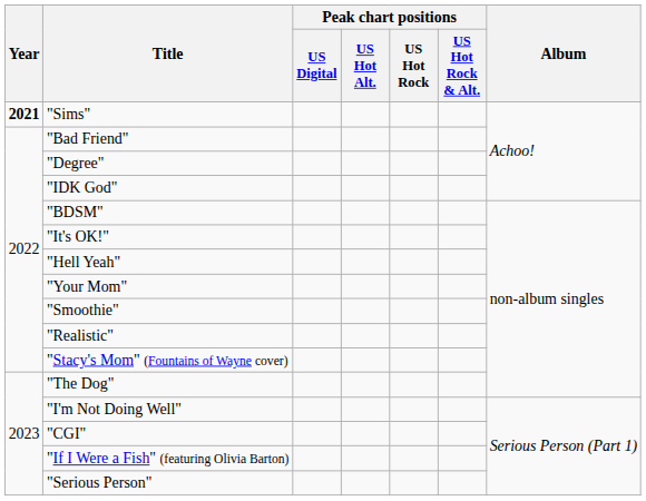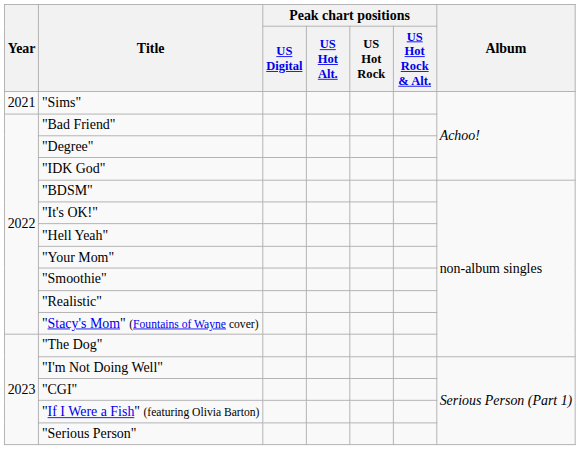 <table class="wikitable">
 <tr>
 <th rowspan="2">Year</th>
 <th rowspan="2">Title</th>
 <th colspan="4">Peak chart positions</th>
 <th rowspan="2">Album</th>
 </tr>
 <tr>
 <th scope="col" style="width:3em;font-size:90%"><a href='#'>US<br>Digital</a></th>
 <th scope="col" style="width:3em;font-size:90%"><a href='#'>US<br>Hot Alt.</a></th>
 <th scope="col" style="width:3em;font-size:90%">US Hot Rock</th>
 <th scope="col" style="width:3em;font-size:90%"><a href='#'>US Hot Rock<br>& Alt.</a></th>
 </tr>
 <tr>
-<td><strong>2021</strong></td>
+<td>2021</td>
 <td>"Sims"</td>
 <td></td>
 <td></td>
 <td></td>
 <td></td>
 <td rowspan="4"><em>Achoo!</em></td>
 </tr>
 <tr>
 <td rowspan="10">2022</td>
 <td>"Bad Friend"</td>
 <td></td>
 <td></td>
 <td></td>
 <td></td>
 </tr>
 <tr>
 <td>"Degree"</td>
 <td></td>
 <td></td>
 <td></td>
 <td></td>
 </tr>
 <tr>
 <td>"IDK God"</td>
 <td></td>
 <td></td>
 <td></td>
 <td></td>
 </tr>
 <tr>
 <td>"BDSM"</td>
 <td></td>
 <td></td>
 <td></td>
 <td></td>
 <td rowspan="8">non-album singles</td>
 </tr>
 <tr>
 <td>"It's OK!"</td>
 <td></td>
 <td></td>
 <td></td>
 <td></td>
 </tr>
 <tr>
 <td>"Hell Yeah"</td>
 <td></td>
 <td></td>
 <td></td>
 <td></td>
 </tr>
 <tr>
 <td>"Your Mom"</td>
 <td></td>
 <td></td>
 <td></td>
 <td></td>
 </tr>
 <tr>
 <td>"Smoothie"</td>
 <td></td>
 <td></td>
 <td></td>
 <td></td>
 </tr>
 <tr>
 <td>"Realistic"</td>
 <td></td>
 <td></td>
 <td></td>
 <td></td>
 </tr>
 <tr>
 <td>"<a href='#'>Stacy's Mom</a>" <small>(<a href='#'>Fountains of Wayne</a> cover)</small></td>
 <td></td>
 <td></td>
 <td></td>
 <td></td>
 </tr>
 <tr>
 <td rowspan="5">2023</td>
 <td>"The Dog"</td>
 <td></td>
 <td></td>
 <td></td>
 <td></td>
 </tr>
 <tr>
 <td>"I'm Not Doing Well"</td>
 <td></td>
 <td></td>
 <td></td>
 <td></td>
 <td rowspan="4"><em>Serious Person (Part 1)</em></td>
 </tr>
 <tr>
 <td>"CGI"</td>
 <td></td>
 <td></td>
 <td></td>
 <td></td>
 </tr>
 <tr>
 <td>"<a href='#'>If I Were a Fish</a>" <small>(featuring Olivia Barton)</small></td>
 <td></td>
 <td></td>
 <td></td>
 <td></td>
 </tr>
 <tr>
 <td>"Serious Person"</td>
 <td></td>
 <td></td>
 <td></td>
 <td></td>
 </tr>
 </table>
